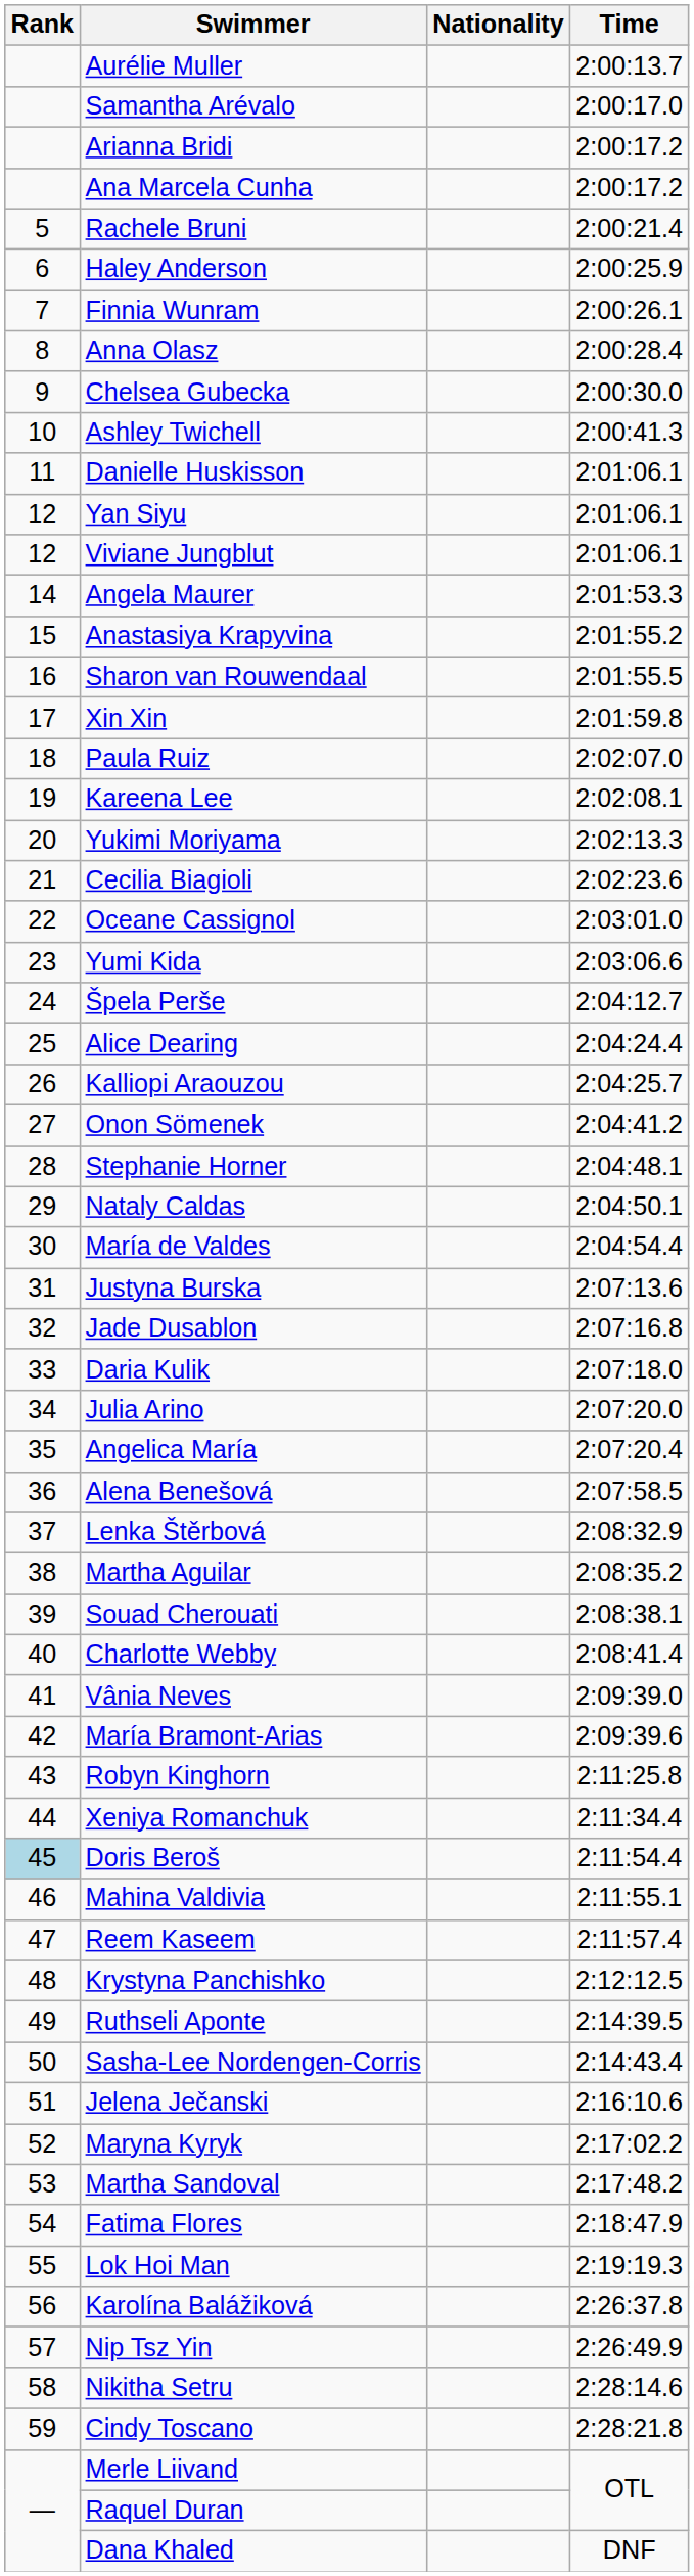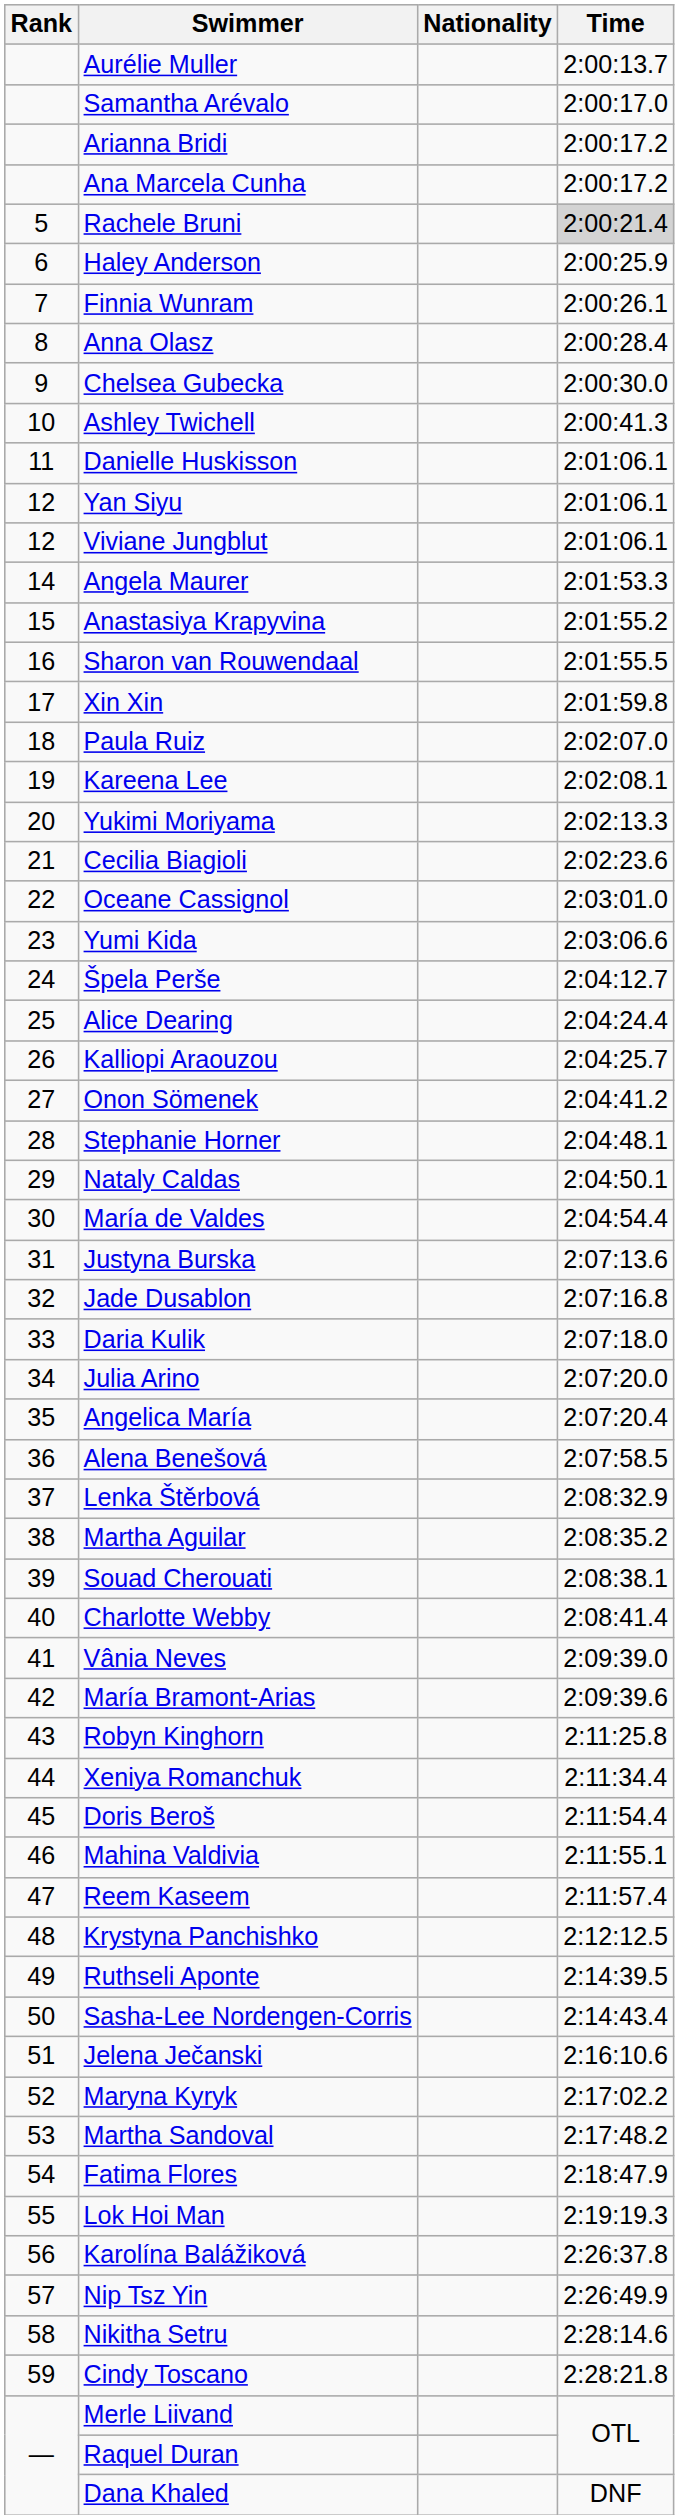 <table class="wikitable sortable" border="1" style="text-align:center">
 <tr>
 <th>Rank</th>
 <th>Swimmer</th>
 <th>Nationality</th>
 <th>Time</th>
 </tr>
 <tr>
 <td></td>
 <td align=left><a href='#'>Aurélie Muller</a></td>
 <td align=left></td>
 <td>2:00:13.7</td>
 </tr>
 <tr>
 <td></td>
 <td align=left><a href='#'>Samantha Arévalo</a></td>
 <td align=left></td>
 <td>2:00:17.0</td>
 </tr>
 <tr>
 <td></td>
 <td align=left><a href='#'>Arianna Bridi</a></td>
 <td align=left></td>
 <td>2:00:17.2</td>
 </tr>
 <tr>
 <td></td>
 <td align=left><a href='#'>Ana Marcela Cunha</a></td>
 <td align=left></td>
 <td>2:00:17.2</td>
 </tr>
 <tr>
 <td>5</td>
 <td align=left><a href='#'>Rachele Bruni</a></td>
 <td align=left></td>
-<td>2:00:21.4</td>
+<td style="background: lightgrey;">2:00:21.4</td>
 </tr>
 <tr>
 <td>6</td>
 <td align=left><a href='#'>Haley Anderson</a></td>
 <td align=left></td>
 <td>2:00:25.9</td>
 </tr>
 <tr>
 <td>7</td>
 <td align=left><a href='#'>Finnia Wunram</a></td>
 <td align=left></td>
 <td>2:00:26.1</td>
 </tr>
 <tr>
 <td>8</td>
 <td align=left><a href='#'>Anna Olasz</a></td>
 <td align=left></td>
 <td>2:00:28.4</td>
 </tr>
 <tr>
 <td>9</td>
 <td align=left><a href='#'>Chelsea Gubecka</a></td>
 <td align=left></td>
 <td>2:00:30.0</td>
 </tr>
 <tr>
 <td>10</td>
 <td align=left><a href='#'>Ashley Twichell</a></td>
 <td align=left></td>
 <td>2:00:41.3</td>
 </tr>
 <tr>
 <td>11</td>
 <td align=left><a href='#'>Danielle Huskisson</a></td>
 <td align=left></td>
 <td>2:01:06.1</td>
 </tr>
 <tr>
 <td>12</td>
 <td align=left><a href='#'>Yan Siyu</a></td>
 <td align=left></td>
 <td>2:01:06.1</td>
 </tr>
 <tr>
 <td>12</td>
 <td align=left><a href='#'>Viviane Jungblut</a></td>
 <td align=left></td>
 <td>2:01:06.1</td>
 </tr>
 <tr>
 <td>14</td>
 <td align=left><a href='#'>Angela Maurer</a></td>
 <td align=left></td>
 <td>2:01:53.3</td>
 </tr>
 <tr>
 <td>15</td>
 <td align=left><a href='#'>Anastasiya Krapyvina</a></td>
 <td align=left></td>
 <td>2:01:55.2</td>
 </tr>
 <tr>
 <td>16</td>
 <td align=left><a href='#'>Sharon van Rouwendaal</a></td>
 <td align=left></td>
 <td>2:01:55.5</td>
 </tr>
 <tr>
 <td>17</td>
 <td align=left><a href='#'>Xin Xin</a></td>
 <td align=left></td>
 <td>2:01:59.8</td>
 </tr>
 <tr>
 <td>18</td>
 <td align=left><a href='#'>Paula Ruiz</a></td>
 <td align=left></td>
 <td>2:02:07.0</td>
 </tr>
 <tr>
 <td>19</td>
 <td align=left><a href='#'>Kareena Lee</a></td>
 <td align=left></td>
 <td>2:02:08.1</td>
 </tr>
 <tr>
 <td>20</td>
 <td align=left><a href='#'>Yukimi Moriyama</a></td>
 <td align=left></td>
 <td>2:02:13.3</td>
 </tr>
 <tr>
 <td>21</td>
 <td align=left><a href='#'>Cecilia Biagioli</a></td>
 <td align=left></td>
 <td>2:02:23.6</td>
 </tr>
 <tr>
 <td>22</td>
 <td align=left><a href='#'>Oceane Cassignol</a></td>
 <td align=left></td>
 <td>2:03:01.0</td>
 </tr>
 <tr>
 <td>23</td>
 <td align=left><a href='#'>Yumi Kida</a></td>
 <td align=left></td>
 <td>2:03:06.6</td>
 </tr>
 <tr>
 <td>24</td>
 <td align=left><a href='#'>Špela Perše</a></td>
 <td align=left></td>
 <td>2:04:12.7</td>
 </tr>
 <tr>
 <td>25</td>
 <td align=left><a href='#'>Alice Dearing</a></td>
 <td align=left></td>
 <td>2:04:24.4</td>
 </tr>
 <tr>
 <td>26</td>
 <td align=left><a href='#'>Kalliopi Araouzou</a></td>
 <td align=left></td>
 <td>2:04:25.7</td>
 </tr>
 <tr>
 <td>27</td>
 <td align=left><a href='#'>Onon Sömenek</a></td>
 <td align=left></td>
 <td>2:04:41.2</td>
 </tr>
 <tr>
 <td>28</td>
 <td align=left><a href='#'>Stephanie Horner</a></td>
 <td align=left></td>
 <td>2:04:48.1</td>
 </tr>
 <tr>
 <td>29</td>
 <td align=left><a href='#'>Nataly Caldas</a></td>
 <td align=left></td>
 <td>2:04:50.1</td>
 </tr>
 <tr>
 <td>30</td>
 <td align=left><a href='#'>María de Valdes</a></td>
 <td align=left></td>
 <td>2:04:54.4</td>
 </tr>
 <tr>
 <td>31</td>
 <td align=left><a href='#'>Justyna Burska</a></td>
 <td align=left></td>
 <td>2:07:13.6</td>
 </tr>
 <tr>
 <td>32</td>
 <td align=left><a href='#'>Jade Dusablon</a></td>
 <td align=left></td>
 <td>2:07:16.8</td>
 </tr>
 <tr>
 <td>33</td>
 <td align=left><a href='#'>Daria Kulik</a></td>
 <td align=left></td>
 <td>2:07:18.0</td>
 </tr>
 <tr>
 <td>34</td>
 <td align=left><a href='#'>Julia Arino</a></td>
 <td align=left></td>
 <td>2:07:20.0</td>
 </tr>
 <tr>
 <td>35</td>
 <td align=left><a href='#'>Angelica María</a></td>
 <td align=left></td>
 <td>2:07:20.4</td>
 </tr>
 <tr>
 <td>36</td>
 <td align=left><a href='#'>Alena Benešová</a></td>
 <td align=left></td>
 <td>2:07:58.5</td>
 </tr>
 <tr>
 <td>37</td>
 <td align=left><a href='#'>Lenka Štěrbová</a></td>
 <td align=left></td>
 <td>2:08:32.9</td>
 </tr>
 <tr>
 <td>38</td>
 <td align=left><a href='#'>Martha Aguilar</a></td>
 <td align=left></td>
 <td>2:08:35.2</td>
 </tr>
 <tr>
 <td>39</td>
 <td align=left><a href='#'>Souad Cherouati</a></td>
 <td align=left></td>
 <td>2:08:38.1</td>
 </tr>
 <tr>
 <td>40</td>
 <td align=left><a href='#'>Charlotte Webby</a></td>
 <td align=left></td>
 <td>2:08:41.4</td>
 </tr>
 <tr>
 <td>41</td>
 <td align=left><a href='#'>Vânia Neves</a></td>
 <td align=left></td>
 <td>2:09:39.0</td>
 </tr>
 <tr>
 <td>42</td>
 <td align=left><a href='#'>María Bramont-Arias</a></td>
 <td align=left></td>
 <td>2:09:39.6</td>
 </tr>
 <tr>
 <td>43</td>
 <td align=left><a href='#'>Robyn Kinghorn</a></td>
 <td align=left></td>
 <td>2:11:25.8</td>
 </tr>
 <tr>
 <td>44</td>
 <td align=left><a href='#'>Xeniya Romanchuk</a></td>
 <td align=left></td>
 <td>2:11:34.4</td>
 </tr>
 <tr>
-<td style="background: lightblue;">45</td>
+<td>45</td>
 <td align=left><a href='#'>Doris Beroš</a></td>
 <td align=left></td>
 <td>2:11:54.4</td>
 </tr>
 <tr>
 <td>46</td>
 <td align=left><a href='#'>Mahina Valdivia</a></td>
 <td align=left></td>
 <td>2:11:55.1</td>
 </tr>
 <tr>
 <td>47</td>
 <td align=left><a href='#'>Reem Kaseem</a></td>
 <td align=left></td>
 <td>2:11:57.4</td>
 </tr>
 <tr>
 <td>48</td>
 <td align=left><a href='#'>Krystyna Panchishko</a></td>
 <td align=left></td>
 <td>2:12:12.5</td>
 </tr>
 <tr>
 <td>49</td>
 <td align=left><a href='#'>Ruthseli Aponte</a></td>
 <td align=left></td>
 <td>2:14:39.5</td>
 </tr>
 <tr>
 <td>50</td>
 <td align=left><a href='#'>Sasha-Lee Nordengen-Corris</a></td>
 <td align=left></td>
 <td>2:14:43.4</td>
 </tr>
 <tr>
 <td>51</td>
 <td align=left><a href='#'>Jelena Ječanski</a></td>
 <td align=left></td>
 <td>2:16:10.6</td>
 </tr>
 <tr>
 <td>52</td>
 <td align=left><a href='#'>Maryna Kyryk</a></td>
 <td align=left></td>
 <td>2:17:02.2</td>
 </tr>
 <tr>
 <td>53</td>
 <td align=left><a href='#'>Martha Sandoval</a></td>
 <td align=left></td>
 <td>2:17:48.2</td>
 </tr>
 <tr>
 <td>54</td>
 <td align=left><a href='#'>Fatima Flores</a></td>
 <td align=left></td>
 <td>2:18:47.9</td>
 </tr>
 <tr>
 <td>55</td>
 <td align=left><a href='#'>Lok Hoi Man</a></td>
 <td align=left></td>
 <td>2:19:19.3</td>
 </tr>
 <tr>
 <td>56</td>
 <td align=left><a href='#'>Karolína Balážiková</a></td>
 <td align=left></td>
 <td>2:26:37.8</td>
 </tr>
 <tr>
 <td>57</td>
 <td align=left><a href='#'>Nip Tsz Yin</a></td>
 <td align=left></td>
 <td>2:26:49.9</td>
 </tr>
 <tr>
 <td>58</td>
 <td align=left><a href='#'>Nikitha Setru</a></td>
 <td align=left></td>
 <td>2:28:14.6</td>
 </tr>
 <tr>
 <td>59</td>
 <td align=left><a href='#'>Cindy Toscano</a></td>
 <td align=left></td>
 <td>2:28:21.8</td>
 </tr>
 <tr>
 <td rowspan=3>—</td>
 <td align=left><a href='#'>Merle Liivand</a></td>
 <td align=left></td>
 <td rowspan=2>OTL</td>
 </tr>
 <tr>
 <td align=left><a href='#'>Raquel Duran</a></td>
 <td align=left></td>
 </tr>
 <tr>
 <td align=left><a href='#'>Dana Khaled</a></td>
 <td align=left></td>
 <td>DNF</td>
 </tr>
 </table>
